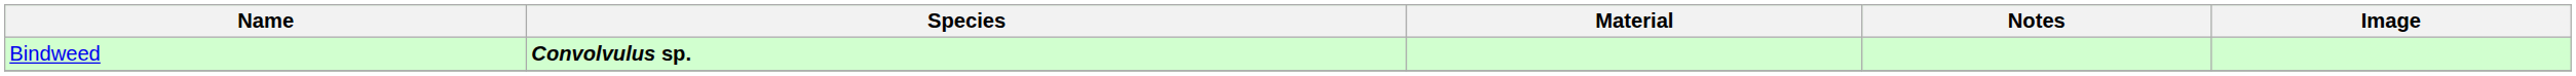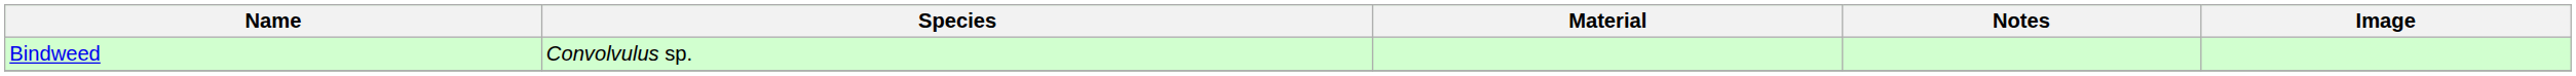 <table class="wikitable" align="center" width="100%" style="background:#D1FFCF;">
 <tr>
 <th>Name</th>
 <th>Species</th>
 <th>Material</th>
 <th>Notes</th>
 <th>Image</th>
 </tr>
 <tr>
 <td><a href='#'>Bindweed</a></td>
-<td><strong><em>Convolvulus</em> sp.</strong></td>
+<td><em>Convolvulus</em> sp.</td>
 <td></td>
 <td></td>
 <td></td>
 </tr>
 <tr>
 </tr>
 </table>
